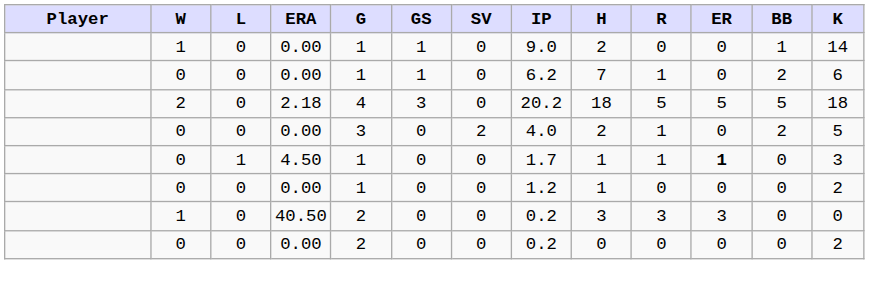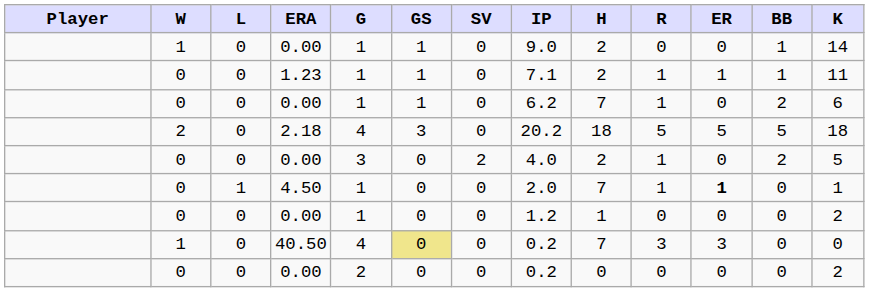 <table class="wikitable sortable" style="text-align:center; border:1px; cellpadding:2; cellspacing:0;">
 <tr>
 <th style="background:#ddf; width:17%;">Player</th>
 <th style="background:#ddf; width:7%;">W</th>
 <th style="background:#ddf; width:7%;">L</th>
 <th style="background:#ddf; width:7%;">ERA</th>
 <th style="background:#ddf; width:7%;">G</th>
 <th style="background:#ddf; width:7%;">GS</th>
 <th style="background:#ddf; width:7%;">SV</th>
 <th style="background:#ddf; width:7%;">IP</th>
 <th style="background:#ddf; width:7%;">H</th>
 <th style="background:#ddf; width:7%;">R</th>
 <th style="background:#ddf; width:7%;">ER</th>
 <th style="background:#ddf; width:7%;">BB</th>
 <th style="background:#ddf; width:7%;">K</th>
 </tr>
 <tr>
 <td></td>
 <td>1</td>
 <td>0</td>
 <td>0.00</td>
 <td>1</td>
 <td>1</td>
 <td>0</td>
 <td>9.0</td>
 <td>2</td>
 <td>0</td>
 <td>0</td>
 <td>1</td>
 <td>14</td>
+</tr>
+<tr>
+<td></td>
+<td>0</td>
+<td>0</td>
+<td>1.23</td>
+<td>1</td>
+<td>1</td>
+<td>0</td>
+<td>7.1</td>
+<td>2</td>
+<td>1</td>
+<td>1</td>
+<td>1</td>
+<td>11</td>
 </tr>
 <tr>
 <td></td>
 <td>0</td>
 <td>0</td>
 <td>0.00</td>
 <td>1</td>
 <td>1</td>
 <td>0</td>
 <td>6.2</td>
 <td>7</td>
 <td>1</td>
 <td>0</td>
 <td>2</td>
 <td>6</td>
 </tr>
 <tr>
 <td></td>
 <td>2</td>
 <td>0</td>
 <td>2.18</td>
 <td>4</td>
 <td>3</td>
 <td>0</td>
 <td>20.2</td>
 <td>18</td>
 <td>5</td>
 <td>5</td>
 <td>5</td>
 <td>18</td>
 </tr>
 <tr>
 <td></td>
 <td>0</td>
 <td>0</td>
 <td>0.00</td>
 <td>3</td>
 <td>0</td>
 <td>2</td>
 <td>4.0</td>
 <td>2</td>
 <td>1</td>
 <td>0</td>
 <td>2</td>
 <td>5</td>
 </tr>
 <tr>
 <td></td>
 <td>0</td>
 <td>1</td>
 <td>4.50</td>
 <td>1</td>
 <td>0</td>
 <td>0</td>
-<td>1.7</td>
-<td>1</td>
+<td>2.0</td>
+<td>7</td>
 <td>1</td>
 <td><strong>1</strong></td>
 <td>0</td>
-<td>3</td>
+<td>1</td>
 </tr>
 <tr>
 <td></td>
 <td>0</td>
 <td>0</td>
 <td>0.00</td>
 <td>1</td>
 <td>0</td>
 <td>0</td>
 <td>1.2</td>
 <td>1</td>
 <td>0</td>
 <td>0</td>
 <td>0</td>
 <td>2</td>
 </tr>
 <tr>
 <td></td>
 <td>1</td>
 <td>0</td>
 <td>40.50</td>
-<td>2</td>
-<td>0</td>
+<td>4</td>
+<td style="background: khaki;">0</td>
 <td>0</td>
 <td>0.2</td>
-<td>3</td>
+<td>7</td>
 <td>3</td>
 <td>3</td>
 <td>0</td>
 <td>0</td>
 </tr>
 <tr>
 <td></td>
 <td>0</td>
 <td>0</td>
 <td>0.00</td>
 <td>2</td>
 <td>0</td>
 <td>0</td>
 <td>0.2</td>
 <td>0</td>
 <td>0</td>
 <td>0</td>
 <td>0</td>
 <td>2</td>
 </tr>
 </table>
